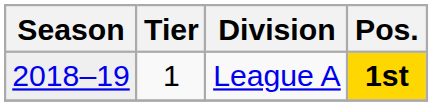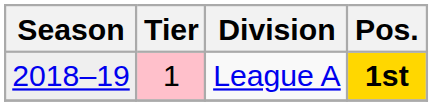 <table class="wikitable" style="font-size:85%; text-align:center">
 <tr>
 <th>Season</th>
 <th>Tier</th>
 <th>Division</th>
 <th>Pos.</th>
 </tr>
 <tr>
 <td bgcolor=#efefef><a href='#'>2018–19</a></td>
-<td>1</td>
+<td style="background: pink;">1</td>
 <td align=left><a href='#'>League A</a></td>
 <td bgcolor=gold><strong>1st</strong></td>
 </tr>
 <tr>
 </tr>
 </table>
